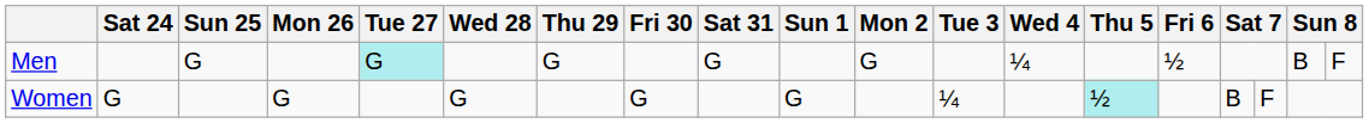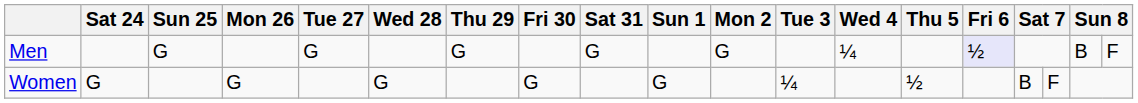 <table class="wikitable olympic-schedule water-polo">
 <tr>
 <th></th>
 <th>Sat 24</th>
 <th>Sun 25</th>
 <th>Mon 26</th>
 <th>Tue 27</th>
 <th>Wed 28</th>
 <th>Thu 29</th>
 <th>Fri 30</th>
 <th>Sat 31</th>
 <th>Sun 1</th>
 <th>Mon 2</th>
 <th>Tue 3</th>
 <th>Wed 4</th>
 <th>Thu 5</th>
 <th>Fri 6</th>
 <th colspan="2">Sat 7</th>
 <th colspan="2">Sun 8</th>
 </tr>
 <tr>
 <td class="event"><a href='#'>Men</a></td>
 <td></td>
 <td class="team-group">G</td>
 <td></td>
-<td class="team-group" style="background: paleturquoise;">G</td>
+<td class="team-group">G</td>
 <td></td>
 <td class="team-group">G</td>
 <td></td>
 <td class="team-group">G</td>
 <td></td>
 <td class="team-group">G</td>
 <td></td>
 <td class="team-qf">¼</td>
 <td></td>
-<td class="team-sf">½</td>
+<td class="team-sf" style="background: lavender;">½</td>
 <td colspan="2"></td>
 <td class="team-bronze">B</td>
 <td class="team-final">F</td>
 </tr>
 <tr>
 <td class="event"><a href='#'>Women</a></td>
 <td class="team-group">G</td>
 <td></td>
 <td class="team-group">G</td>
 <td></td>
 <td class="team-group">G</td>
 <td></td>
 <td class="team-group">G</td>
 <td></td>
 <td class="team-group">G</td>
 <td></td>
 <td class="team-qf">¼</td>
 <td></td>
-<td class="team-sf" style="background: paleturquoise;">½</td>
+<td class="team-sf">½</td>
 <td></td>
 <td class="team-bronze">B</td>
 <td class="team-final">F</td>
 <td colspan="2"></td>
 </tr>
 </table>
